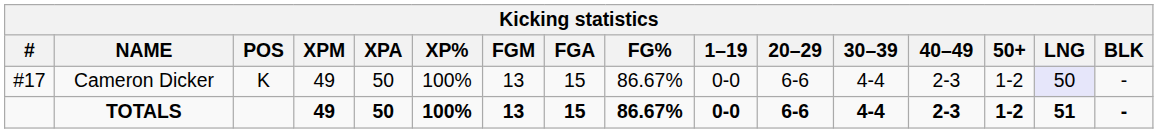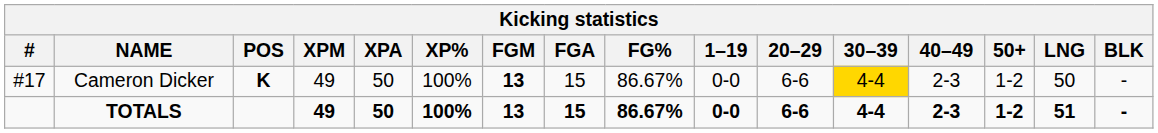 <table style="width:60%; text-align:center;" class="wikitable collapsible collapsed">
 <tr>
 <th colspan="16">Kicking statistics</th>
 </tr>
 <tr>
 <th>#</th>
 <th>NAME</th>
 <th>POS</th>
 <th>XPM</th>
 <th>XPA</th>
 <th>XP%</th>
 <th>FGM</th>
 <th>FGA</th>
 <th>FG%</th>
 <th>1–19</th>
 <th>20–29</th>
 <th>30–39</th>
 <th>40–49</th>
 <th>50+</th>
 <th>LNG</th>
 <th>BLK</th>
 </tr>
 <tr>
 <td>#17</td>
 <td>Cameron Dicker</td>
-<td>K</td>
+<td><strong>K</strong></td>
 <td>49</td>
 <td>50</td>
 <td>100%</td>
-<td>13</td>
+<td><strong>13</strong></td>
 <td>15</td>
 <td>86.67%</td>
 <td>0-0</td>
 <td>6-6</td>
-<td>4-4</td>
+<td style="background: gold;">4-4</td>
 <td>2-3</td>
 <td>1-2</td>
-<td style="background: lavender;">50</td>
+<td>50</td>
 <td>-</td>
 </tr>
 <tr>
 <td></td>
 <td><strong>TOTALS</strong></td>
 <td></td>
 <td><strong>49</strong></td>
 <td><strong>50</strong></td>
 <td><strong>100%</strong></td>
 <td><strong>13</strong></td>
 <td><strong>15</strong></td>
 <td><strong>86.67%</strong></td>
 <td><strong>0-0</strong></td>
 <td><strong>6-6</strong></td>
 <td><strong>4-4</strong></td>
 <td><strong>2-3</strong></td>
 <td><strong>1-2</strong></td>
 <td><strong>51</strong></td>
 <td><strong>-</strong></td>
 </tr>
 </table>
